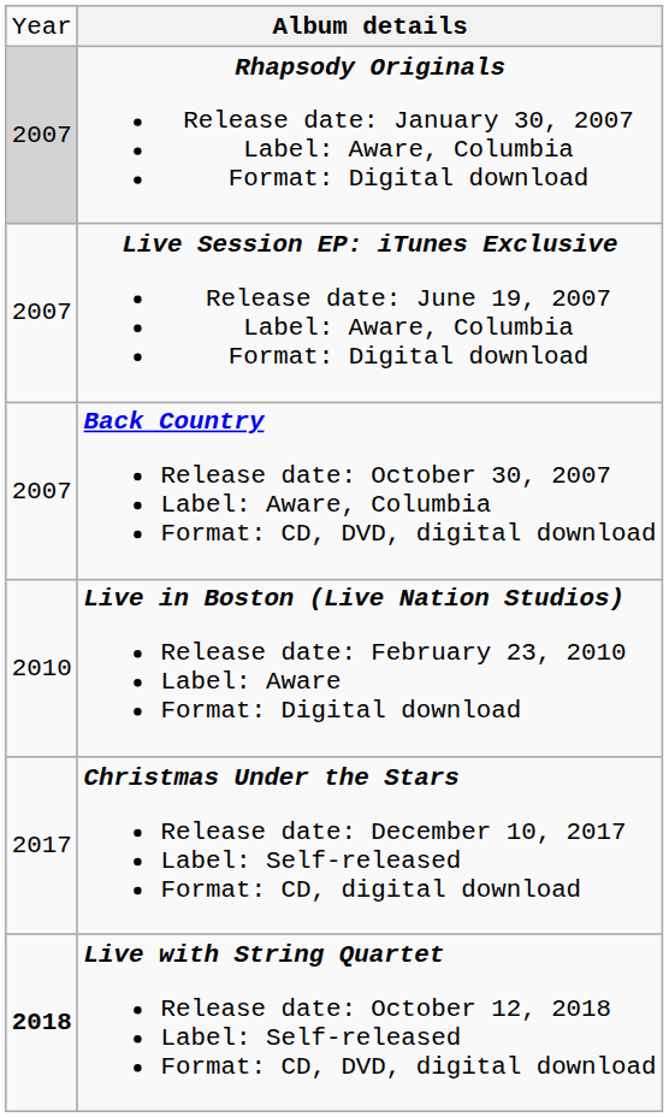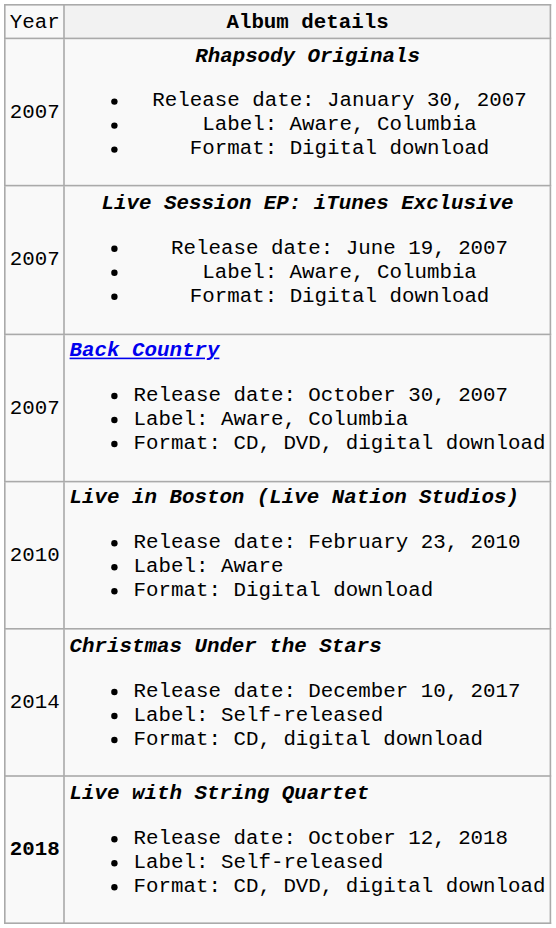 <table class="wikitable" style="text-align:center;">
 <tr>
 <td scope="col">Year</td>
 <th scope="col">Album details</th>
 </tr>
 <tr>
-<td style="background: lightgrey;">2007</td>
+<td>2007</td>
 <td><strong><em>Rhapsody Originals</em></strong><br><ul><li>Release date: January 30, 2007</li><li>Label: Aware, Columbia</li><li>Format: Digital download</li></ul></td>
 </tr>
 <tr>
 <td>2007</td>
 <td><strong><em>Live Session EP: iTunes Exclusive</em></strong><br><ul><li>Release date: June 19, 2007</li><li>Label: Aware, Columbia</li><li>Format: Digital download</li></ul></td>
 </tr>
 <tr>
 <td>2007</td>
 <td style="text-align:left;"><strong><em><a href='#'>Back Country</a></em></strong><br><ul><li>Release date: October 30, 2007</li><li>Label: Aware, Columbia</li><li>Format: CD, DVD, digital download</li></ul></td>
 </tr>
 <tr>
 <td>2010</td>
 <td style="text-align:left;"><strong><em>Live in Boston (Live Nation Studios)</em></strong><br><ul><li>Release date: February 23, 2010</li><li>Label: Aware</li><li>Format: Digital download</li></ul></td>
 </tr>
 <tr>
-<td>2017</td>
+<td>2014</td>
 <td style="text-align:left;"><strong><em>Christmas Under the Stars</em></strong><br><ul><li>Release date: December 10, 2017</li><li>Label: Self-released</li><li>Format: CD, digital download</li></ul></td>
 </tr>
 <tr>
 <td><strong>2018</strong></td>
 <td style="text-align:left;"><strong><em>Live with String Quartet</em></strong><br><ul><li>Release date: October 12, 2018</li><li>Label: Self-released</li><li>Format: CD, DVD, digital download</li></ul></td>
 </tr>
 </table>
